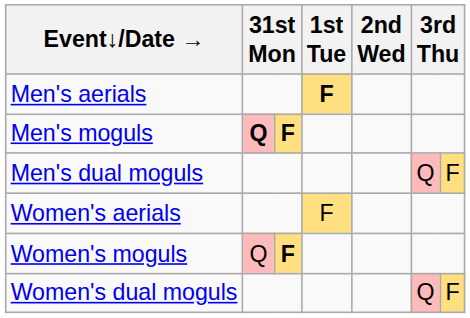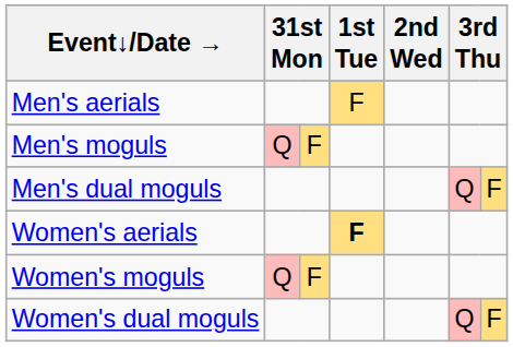 <table class="wikitable" style="margin:0.5em auto; font-size:90%; line-height:1.25em; text-align:center;">
 <tr>
 <th>Event↓/Date →</th>
 <th colspan=2>31st<br>Mon</th>
 <th>1st<br>Tue</th>
 <th>2nd<br>Wed</th>
 <th colspan=2>3rd<br>Thu</th>
 </tr>
 <tr>
 <td align="left"><a href='#'>Men's aerials</a></td>
 <td colspan=2></td>
-<td bgcolor="#FFDF80"><strong>F</strong></td>
+<td bgcolor="#FFDF80">F</td>
 <td></td>
 <td colspan=2></td>
 </tr>
 <tr>
 <td align="left"><a href='#'>Men's moguls</a></td>
-<td bgcolor="#FFBBBB"><strong>Q</strong></td>
-<td bgcolor="#FFDF80"><strong>F</strong></td>
+<td bgcolor="#FFBBBB">Q</td>
+<td bgcolor="#FFDF80">F</td>
 <td></td>
 <td></td>
 <td colspan=2></td>
 </tr>
 <tr>
 <td align="left"><a href='#'>Men's dual moguls</a></td>
 <td colspan=2></td>
 <td></td>
 <td></td>
 <td bgcolor="#FFBBBB">Q</td>
 <td bgcolor="#FFDF80">F</td>
 </tr>
 <tr>
 <td align="left"><a href='#'>Women's aerials</a></td>
 <td colspan=2></td>
-<td bgcolor="#FFDF80">F</td>
+<td bgcolor="#FFDF80"><strong>F</strong></td>
 <td></td>
 <td colspan=2></td>
 </tr>
 <tr>
 <td align="left"><a href='#'>Women's moguls</a></td>
 <td bgcolor="#FFBBBB">Q</td>
-<td bgcolor="#FFDF80"><strong>F</strong></td>
+<td bgcolor="#FFDF80">F</td>
 <td></td>
 <td></td>
 <td colspan=2></td>
 </tr>
 <tr>
 <td align="left"><a href='#'>Women's dual moguls</a></td>
 <td colspan=2></td>
 <td></td>
 <td></td>
 <td bgcolor="#FFBBBB">Q</td>
 <td bgcolor="#FFDF80">F</td>
 </tr>
 </table>
